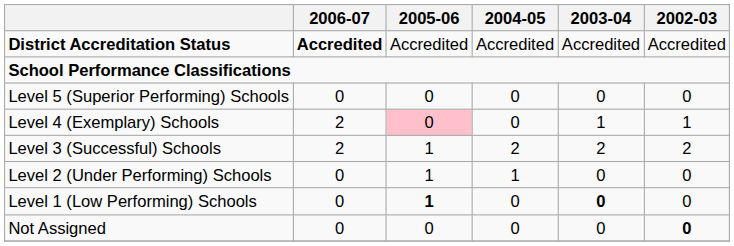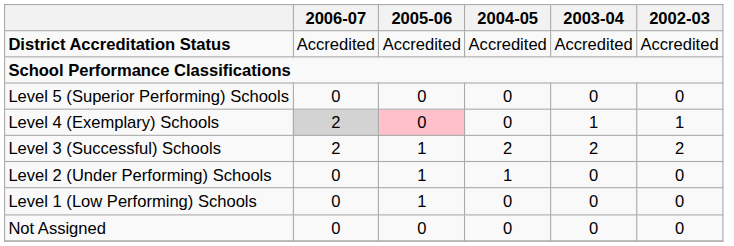 <table class="wikitable" style="font-size: 95%;">
 <tr>
 <th></th>
 <th>2006-07</th>
 <th>2005-06</th>
 <th>2004-05</th>
 <th>2003-04</th>
 <th>2002-03</th>
 </tr>
 <tr>
 <td align="left"><strong>District Accreditation Status</strong></td>
-<td align="center"><strong>Accredited</strong></td>
+<td align="center">Accredited</td>
 <td align="center">Accredited</td>
 <td align="center">Accredited</td>
 <td align="center">Accredited</td>
 <td align="center">Accredited</td>
 </tr>
 <tr>
 <td align="left" colspan="6"><strong>School Performance Classifications</strong></td>
 </tr>
 <tr>
 <td align="left">Level 5 (Superior Performing) Schools</td>
 <td align="center">0</td>
 <td align="center">0</td>
 <td align="center">0</td>
 <td align="center">0</td>
 <td align="center">0</td>
 </tr>
 <tr>
 <td align="left">Level 4 (Exemplary) Schools</td>
-<td align="center">2</td>
+<td align="center" style="background: lightgrey;">2</td>
 <td align="center" style="background: pink;">0</td>
 <td align="center">0</td>
 <td align="center">1</td>
 <td align="center">1</td>
 </tr>
 <tr>
 <td align="left">Level 3 (Successful) Schools</td>
 <td align="center">2</td>
 <td align="center">1</td>
 <td align="center">2</td>
 <td align="center">2</td>
 <td align="center">2</td>
 </tr>
 <tr>
 <td align="left">Level 2 (Under Performing) Schools</td>
 <td align="center">0</td>
 <td align="center">1</td>
 <td align="center">1</td>
 <td align="center">0</td>
 <td align="center">0</td>
 </tr>
 <tr>
 <td align="left">Level 1 (Low Performing) Schools</td>
 <td align="center">0</td>
-<td align="center"><strong>1</strong></td>
+<td align="center">1</td>
 <td align="center">0</td>
-<td align="center"><strong>0</strong></td>
+<td align="center">0</td>
 <td align="center">0</td>
 </tr>
 <tr>
 <td align="left">Not Assigned</td>
 <td align="center">0</td>
 <td align="center">0</td>
 <td align="center">0</td>
 <td align="center">0</td>
-<td align="center"><strong>0</strong></td>
+<td align="center">0</td>
 </tr>
 <tr>
 </tr>
 </table>
